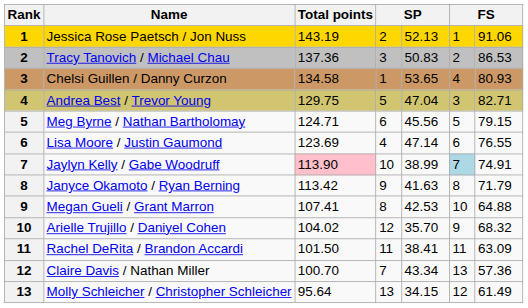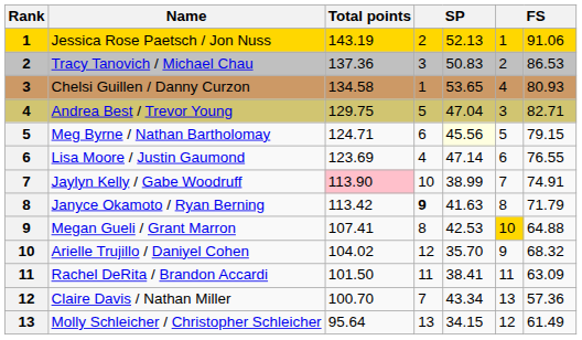 <table class="wikitable">
 <tr>
 <th>Rank</th>
 <th>Name</th>
 <th>Total points</th>
 <th colspan="2" width="80px">SP</th>
 <th colspan="2" width="80px">FS</th>
 </tr>
 <tr style="background:gold;">
 <td style="text-align:center;"><strong>1</strong></td>
 <td>Jessica Rose Paetsch / Jon Nuss</td>
 <td>143.19</td>
 <td>2</td>
 <td>52.13</td>
 <td>1</td>
 <td>91.06</td>
 </tr>
 <tr style="background:silver;">
 <td style="text-align:center;"><strong>2</strong></td>
 <td><a href='#'>Tracy Tanovich</a> / <a href='#'>Michael Chau</a></td>
 <td>137.36</td>
 <td>3</td>
 <td>50.83</td>
 <td>2</td>
 <td>86.53</td>
 </tr>
 <tr style="background:#c96;">
 <td style="text-align:center;"><strong>3</strong></td>
 <td>Chelsi Guillen / Danny Curzon</td>
 <td>134.58</td>
 <td>1</td>
 <td>53.65</td>
 <td>4</td>
 <td>80.93</td>
 </tr>
 <tr style="background:#d1c571;">
 <td style="text-align:center;"><strong>4</strong></td>
 <td><a href='#'>Andrea Best</a> / <a href='#'>Trevor Young</a></td>
 <td>129.75</td>
 <td>5</td>
 <td>47.04</td>
 <td>3</td>
 <td>82.71</td>
 </tr>
 <tr>
 <th>5</th>
 <td><a href='#'>Meg Byrne</a> / <a href='#'>Nathan Bartholomay</a></td>
 <td>124.71</td>
 <td>6</td>
-<td>45.56</td>
+<td style="background: lightyellow;">45.56</td>
 <td>5</td>
 <td>79.15</td>
 </tr>
 <tr>
 <th>6</th>
 <td><a href='#'>Lisa Moore</a> / <a href='#'>Justin Gaumond</a></td>
 <td>123.69</td>
 <td>4</td>
 <td>47.14</td>
 <td>6</td>
 <td>76.55</td>
 </tr>
 <tr>
 <th>7</th>
 <td><a href='#'>Jaylyn Kelly</a> / <a href='#'>Gabe Woodruff</a></td>
 <td style="background: pink;">113.90</td>
 <td>10</td>
 <td>38.99</td>
-<td style="background: lightblue;">7</td>
+<td>7</td>
 <td>74.91</td>
 </tr>
 <tr>
 <th>8</th>
 <td><a href='#'>Janyce Okamoto</a> / <a href='#'>Ryan Berning</a></td>
 <td>113.42</td>
-<td>9</td>
+<td><strong>9</strong></td>
 <td>41.63</td>
 <td>8</td>
 <td>71.79</td>
 </tr>
 <tr>
 <th>9</th>
 <td><a href='#'>Megan Gueli</a> / <a href='#'>Grant Marron</a></td>
 <td>107.41</td>
 <td>8</td>
 <td>42.53</td>
-<td>10</td>
+<td style="background: gold;">10</td>
 <td>64.88</td>
 </tr>
 <tr>
 <th>10</th>
 <td><a href='#'>Arielle Trujillo</a> / <a href='#'>Daniyel Cohen</a></td>
 <td>104.02</td>
 <td>12</td>
 <td>35.70</td>
 <td>9</td>
 <td>68.32</td>
 </tr>
 <tr>
 <th>11</th>
 <td><a href='#'>Rachel DeRita</a> / <a href='#'>Brandon Accardi</a></td>
 <td>101.50</td>
 <td>11</td>
 <td>38.41</td>
 <td>11</td>
 <td>63.09</td>
 </tr>
 <tr>
 <th>12</th>
 <td><a href='#'>Claire Davis</a> / Nathan Miller</td>
 <td>100.70</td>
 <td>7</td>
 <td>43.34</td>
 <td>13</td>
 <td>57.36</td>
 </tr>
 <tr>
 <th>13</th>
 <td><a href='#'>Molly Schleicher</a> / <a href='#'>Christopher Schleicher</a></td>
 <td>95.64</td>
 <td>13</td>
 <td>34.15</td>
 <td>12</td>
 <td>61.49</td>
 </tr>
 </table>
